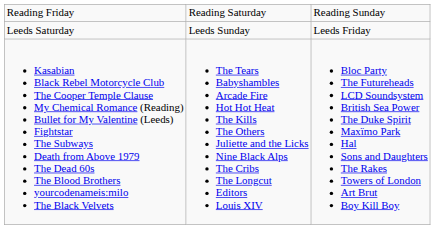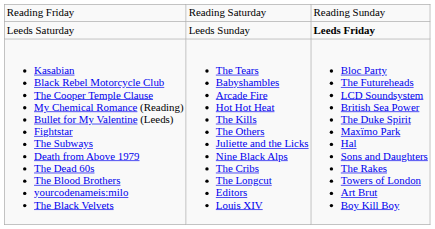 <table class="wikitable">
 <tr>
 <td>Reading Friday</td>
 <td>Reading Saturday</td>
 <td>Reading Sunday</td>
 </tr>
 <tr>
 <td>Leeds Saturday</td>
 <td>Leeds Sunday</td>
-<td>Leeds Friday</td>
+<td><strong>Leeds Friday</strong></td>
 </tr>
 <tr>
 <td><br><ul><li><a href='#'>Kasabian</a></li><li><a href='#'>Black Rebel Motorcycle Club</a></li><li><a href='#'>The Cooper Temple Clause</a></li><li><a href='#'>My Chemical Romance</a> (Reading)</li><li><a href='#'>Bullet for My Valentine</a> (Leeds)</li><li><a href='#'>Fightstar</a></li><li><a href='#'>The Subways</a></li><li><a href='#'>Death from Above 1979</a></li><li><a href='#'>The Dead 60s</a></li><li><a href='#'>The Blood Brothers</a></li><li><a href='#'>yourcodenameis:milo</a></li><li><a href='#'>The Black Velvets</a></li></ul></td>
 <td><br><ul><li><a href='#'>The Tears</a></li><li><a href='#'>Babyshambles</a></li><li><a href='#'>Arcade Fire</a></li><li><a href='#'>Hot Hot Heat</a></li><li><a href='#'>The Kills</a></li><li><a href='#'>The Others</a></li><li><a href='#'>Juliette and the Licks</a></li><li><a href='#'>Nine Black Alps</a></li><li><a href='#'>The Cribs</a></li><li><a href='#'>The Longcut</a></li><li><a href='#'>Editors</a></li><li><a href='#'>Louis XIV</a></li></ul></td>
 <td><br><ul><li><a href='#'>Bloc Party</a></li><li><a href='#'>The Futureheads</a></li><li><a href='#'>LCD Soundsystem</a></li><li><a href='#'>British Sea Power</a></li><li><a href='#'>The Duke Spirit</a></li><li><a href='#'>Maxïmo Park</a></li><li><a href='#'>Hal</a></li><li><a href='#'>Sons and Daughters</a></li><li><a href='#'>The Rakes</a></li><li><a href='#'>Towers of London</a></li><li><a href='#'>Art Brut</a></li><li><a href='#'>Boy Kill Boy</a></li></ul></td>
 </tr>
 </table>
